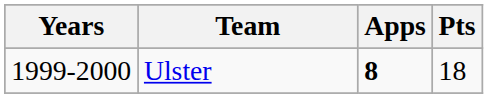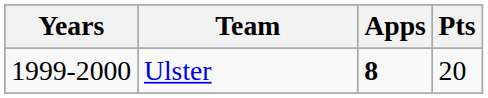 <table class="wikitable" style="text-align:left;">
 <tr>
 <th>Years</th>
 <th width=120px>Team</th>
 <th>Apps</th>
 <th>Pts</th>
 </tr>
 <tr>
 <td>1999-2000</td>
 <td><a href='#'>Ulster</a></td>
 <td><strong>8</strong></td>
-<td>18</td>
+<td>20</td>
 </tr>
 </table>
